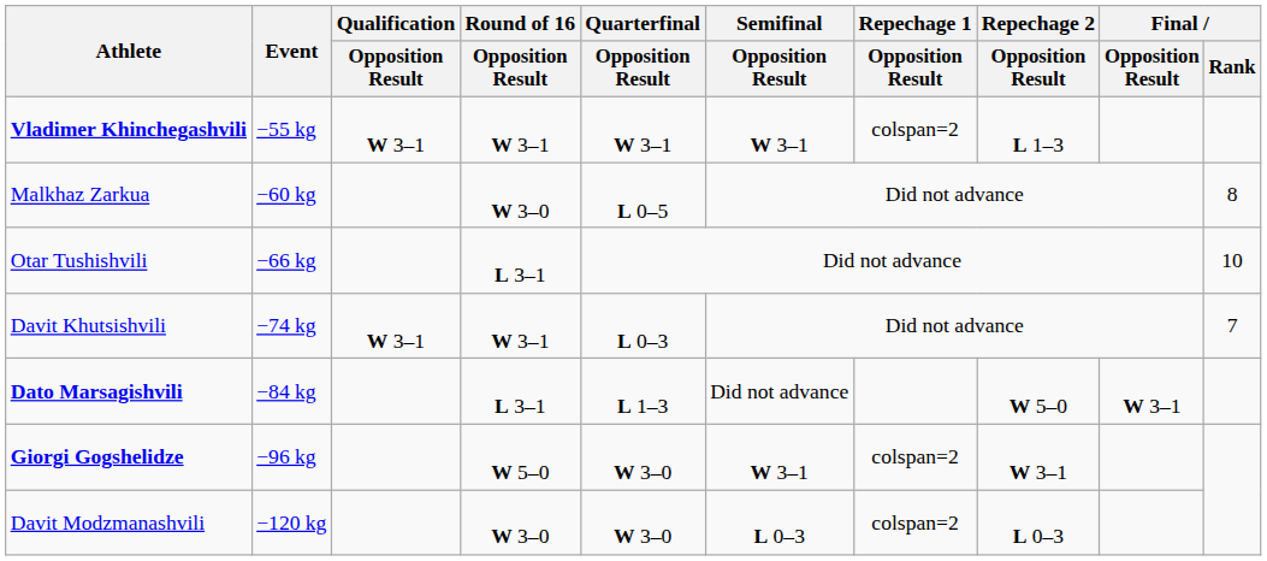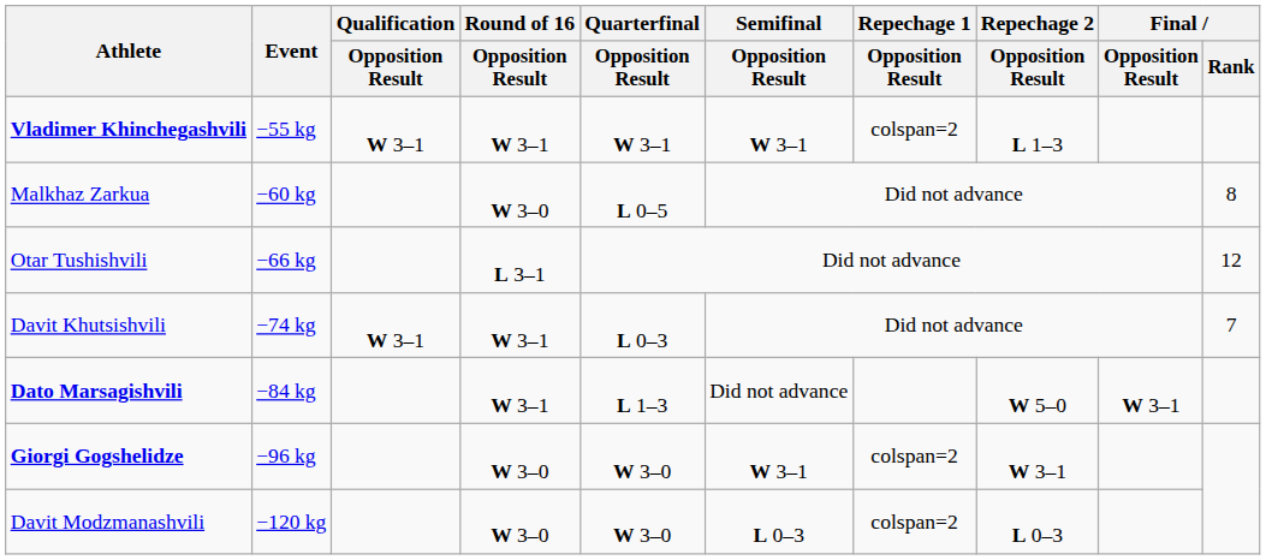 <table class="wikitable" style="font-size:90%">
 <tr>
 <th rowspan="2">Athlete</th>
 <th rowspan="2">Event</th>
 <th>Qualification</th>
 <th>Round of 16</th>
 <th>Quarterfinal</th>
 <th>Semifinal</th>
 <th>Repechage 1</th>
 <th>Repechage 2</th>
 <th colspan=2>Final / </th>
 </tr>
 <tr style="font-size: 95%">
 <th>Opposition<br>Result</th>
 <th>Opposition<br>Result</th>
 <th>Opposition<br>Result</th>
 <th>Opposition<br>Result</th>
 <th>Opposition<br>Result</th>
 <th>Opposition<br>Result</th>
 <th>Opposition<br>Result</th>
 <th>Rank</th>
 </tr>
 <tr align=center>
 <td align=left><strong><a href='#'>Vladimer Khinchegashvili</a></strong></td>
 <td align=left><a href='#'>−55 kg</a></td>
 <td><br><strong>W</strong> 3–1 <sup></sup></td>
 <td><br><strong>W</strong> 3–1 <sup></sup></td>
 <td><br><strong>W</strong> 3–1 <sup></sup></td>
 <td><br><strong>W</strong> 3–1 <sup></sup></td>
 <td>colspan=2 </td>
 <td><br><strong>L</strong> 1–3 <sup></sup></td>
 <td></td>
 </tr>
 <tr align=center>
 <td align=left><a href='#'>Malkhaz Zarkua</a></td>
 <td align=left><a href='#'>−60 kg</a></td>
 <td></td>
 <td><br><strong>W</strong> 3–0 <sup></sup></td>
 <td><br><strong>L</strong> 0–5 <sup></sup></td>
 <td colspan=4>Did not advance</td>
 <td>8</td>
 </tr>
 <tr align=center>
 <td align=left><a href='#'>Otar Tushishvili</a></td>
 <td align=left><a href='#'>−66 kg</a></td>
 <td></td>
 <td><br><strong>L</strong> 3–1 <sup></sup></td>
 <td colspan=5>Did not advance</td>
-<td>10</td>
+<td>12</td>
 </tr>
 <tr align=center>
 <td align=left><a href='#'>Davit Khutsishvili</a></td>
 <td align=left><a href='#'>−74 kg</a></td>
 <td><br><strong>W</strong> 3–1 <sup></sup></td>
 <td><br><strong>W</strong> 3–1 <sup></sup></td>
 <td><br><strong>L</strong> 0–3 <sup></sup></td>
 <td colspan=4>Did not advance</td>
 <td>7</td>
 </tr>
 <tr align=center>
 <td align=left><strong><a href='#'>Dato Marsagishvili</a></strong></td>
 <td align=left><a href='#'>−84 kg</a></td>
 <td></td>
-<td><br><strong>L</strong> 3–1 <sup></sup></td>
+<td><br><strong>W</strong> 3–1 <sup></sup></td>
 <td><br><strong>L</strong> 1–3 <sup></sup></td>
 <td>Did not advance</td>
 <td></td>
 <td><br><strong>W</strong> 5–0 <sup></sup></td>
 <td><br><strong>W</strong> 3–1 <sup></sup></td>
 <td></td>
 </tr>
 <tr align=center>
 <td align=left><strong><a href='#'>Giorgi Gogshelidze</a></strong></td>
 <td align=left><a href='#'>−96 kg</a></td>
 <td></td>
-<td><br><strong>W</strong> 5–0 <sup></sup></td>
+<td><br><strong>W</strong> 3–0 <sup></sup></td>
 <td><br><strong>W</strong> 3–0 <sup></sup></td>
 <td><br><strong>W</strong> 3–1 <sup></sup></td>
 <td>colspan=2 </td>
 <td><br><strong>W</strong> 3–1 <sup></sup></td>
 <td></td>
 </tr>
 <tr align=center>
 <td align=left><a href='#'>Davit Modzmanashvili</a></td>
 <td align=left><a href='#'>−120 kg</a></td>
 <td></td>
 <td><br><strong>W</strong> 3–0 <sup></sup></td>
 <td><br><strong>W</strong> 3–0 <sup></sup></td>
 <td><br><strong>L</strong> 0–3 <sup></sup></td>
 <td>colspan=2 </td>
 <td><br><strong>L</strong> 0–3 <sup></sup></td>
 <td></td>
 </tr>
 </table>
